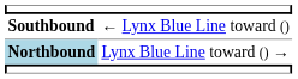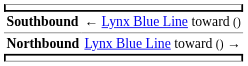 <table table border=0 cellspacing=0 cellpadding=3>
 <tr>
 <td style="border-top:solid 1px gray;border-right:solid 2px black;border-left:solid 2px black;border-bottom:solid 2px black;text-align:center;" colspan=2></td>
 </tr>
 <tr>
 <td style="border-bottom:solid 1px gray;"><span><strong>Southbound</strong></span></td>
 <td style="border-bottom:solid 1px gray;">← <a href='#'>Lynx Blue Line</a> toward  <small>()</small></td>
 </tr>
 <tr>
-<td style="background: lightblue; border-bottom:solid 0px gray;"><span><strong>Northbound</strong></span></td>
+<td style="border-bottom:solid 0px gray;"><span><strong>Northbound</strong></span></td>
 <td style="border-bottom:solid 0px gray;"><a href='#'>Lynx Blue Line</a> toward  <small>()</small> →</td>
 </tr>
 <tr>
 <td style="border-top:solid 2px black;border-right:solid 2px black;border-left:solid 2px black;border-bottom:solid 1px gray;text-align:center;" colspan=2></td>
 </tr>
 </table>
